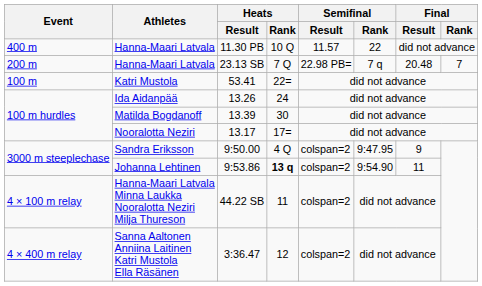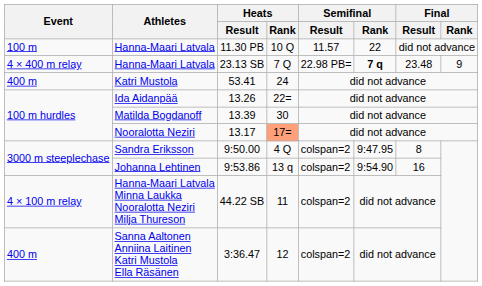 <table class="wikitable" border="1" style="font-size:90%">
 <tr>
 <th rowspan=2>Event</th>
 <th rowspan=2>Athletes</th>
 <th colspan=2>Heats</th>
 <th colspan=2>Semifinal</th>
 <th colspan=2>Final</th>
 </tr>
 <tr>
 <th>Result</th>
 <th>Rank</th>
 <th>Result</th>
 <th>Rank</th>
 <th>Result</th>
 <th>Rank</th>
 </tr>
 <tr>
-<td><a href='#'>400 m</a></td>
+<td><a href='#'>100 m</a></td>
 <td><a href='#'>Hanna-Maari Latvala</a></td>
 <td align=center>11.30 PB</td>
 <td align=center>10 Q</td>
 <td align=center>11.57</td>
 <td align=center>22</td>
 <td align=center colspan=2>did not advance</td>
 </tr>
 <tr>
-<td><a href='#'>200 m</a></td>
+<td><a href='#'>4 × 400 m relay</a></td>
 <td><a href='#'>Hanna-Maari Latvala</a></td>
 <td align=center>23.13 SB</td>
 <td align=center>7 Q</td>
 <td align=center>22.98 PB=</td>
-<td align=center>7 q</td>
-<td align=center>20.48</td>
-<td align=center>7</td>
+<td align=center><strong>7 q</strong></td>
+<td align=center>23.48</td>
+<td align=center>9</td>
 </tr>
 <tr>
-<td><a href='#'>100 m</a></td>
+<td><a href='#'>400 m</a></td>
 <td><a href='#'>Katri Mustola</a></td>
 <td align=center>53.41</td>
-<td align=center>22=</td>
+<td align=center>24</td>
 <td align=center colspan=4>did not advance</td>
 </tr>
 <tr>
 <td rowspan=3><a href='#'>100 m hurdles</a></td>
 <td><a href='#'>Ida Aidanpää</a></td>
 <td align=center>13.26</td>
-<td align=center>24</td>
+<td align=center>22=</td>
 <td align=center colspan=4>did not advance</td>
 </tr>
 <tr>
 <td><a href='#'>Matilda Bogdanoff</a></td>
 <td align=center>13.39</td>
 <td align=center>30</td>
 <td align=center colspan=4>did not advance</td>
 </tr>
 <tr>
 <td><a href='#'>Nooralotta Neziri</a></td>
 <td align=center>13.17</td>
-<td align=center>17=</td>
+<td align=center style="background: lightsalmon;">17=</td>
 <td align=center colspan=4>did not advance</td>
 </tr>
 <tr>
 <td rowspan=2><a href='#'>3000 m steeplechase</a></td>
 <td><a href='#'>Sandra Eriksson</a></td>
 <td align=center>9:50.00</td>
 <td align=center>4 Q</td>
 <td>colspan=2 </td>
 <td align=center>9:47.95</td>
-<td align=center>9</td>
+<td align=center>8</td>
 </tr>
 <tr>
 <td><a href='#'>Johanna Lehtinen</a></td>
 <td align=center>9:53.86</td>
-<td align=center><strong>13 q</strong></td>
+<td align=center>13 q</td>
 <td>colspan=2 </td>
 <td align=center>9:54.90</td>
-<td align=center>11</td>
+<td align=center>16</td>
 </tr>
 <tr>
 <td><a href='#'>4 × 100 m relay</a></td>
 <td><a href='#'>Hanna-Maari Latvala</a><br><a href='#'>Minna Laukka</a><br><a href='#'>Nooralotta Neziri</a><br><a href='#'>Milja Thureson</a></td>
 <td align=center>44.22 SB</td>
 <td align=center>11</td>
 <td>colspan=2 </td>
 <td align=center colspan=2>did not advance</td>
 </tr>
 <tr>
-<td><a href='#'>4 × 400 m relay</a></td>
+<td><a href='#'>400 m</a></td>
 <td><a href='#'>Sanna Aaltonen</a><br><a href='#'>Anniina Laitinen</a><br><a href='#'>Katri Mustola</a><br><a href='#'>Ella Räsänen</a></td>
 <td align=center>3:36.47</td>
 <td align=center>12</td>
 <td>colspan=2 </td>
 <td align=center colspan=2>did not advance</td>
 </tr>
 </table>
